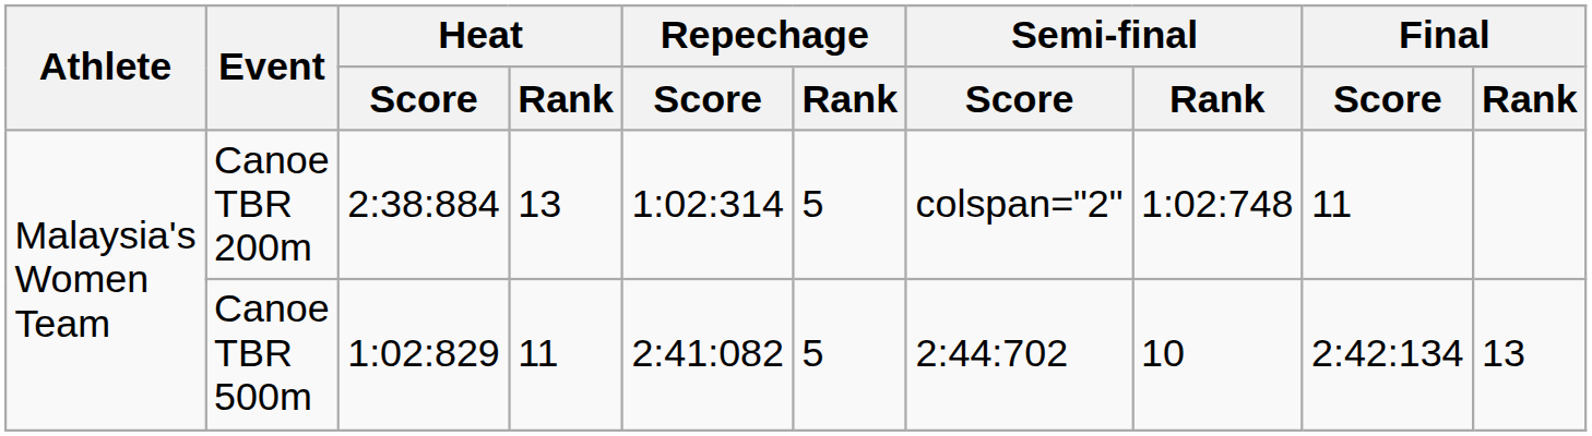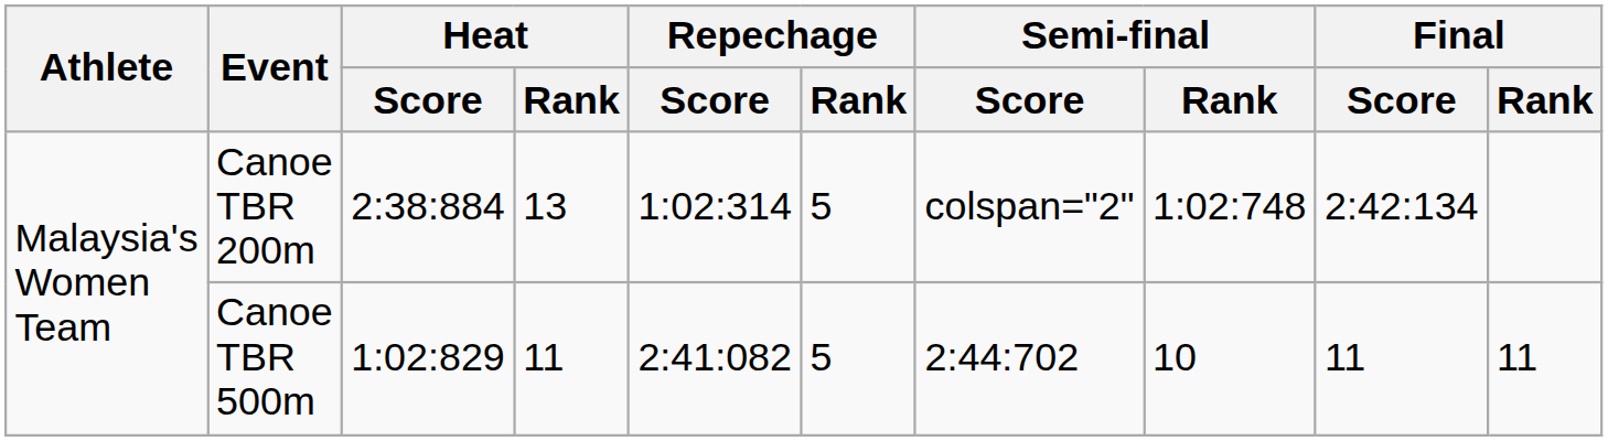 <table class="wikitable">
 <tr>
 <th rowspan="2">Athlete</th>
 <th rowspan="2">Event</th>
 <th colspan="2">Heat</th>
 <th colspan="2">Repechage</th>
 <th colspan="2">Semi-final</th>
 <th colspan="2">Final</th>
 </tr>
 <tr>
 <th>Score</th>
 <th>Rank</th>
 <th>Score</th>
 <th>Rank</th>
 <th>Score</th>
 <th>Rank</th>
 <th>Score</th>
 <th>Rank</th>
 </tr>
 <tr>
 <td rowspan="2">Malaysia's Women Team</td>
 <td>Canoe TBR 200m</td>
 <td>2:38:884</td>
 <td>13</td>
 <td>1:02:314</td>
 <td>5 <strong></strong></td>
 <td>colspan="2" </td>
 <td>1:02:748</td>
-<td>11</td>
+<td>2:42:134</td>
 </tr>
 <tr>
 <td>Canoe TBR 500m</td>
 <td>1:02:829</td>
 <td>11</td>
 <td>2:41:082</td>
 <td>5 <strong></strong></td>
 <td>2:44:702</td>
 <td>10</td>
-<td>2:42:134</td>
-<td>13</td>
+<td>11</td>
+<td>11</td>
 </tr>
 </table>
